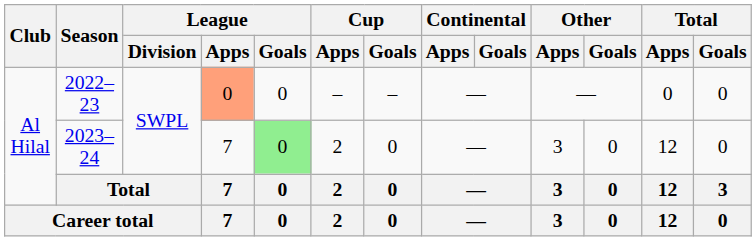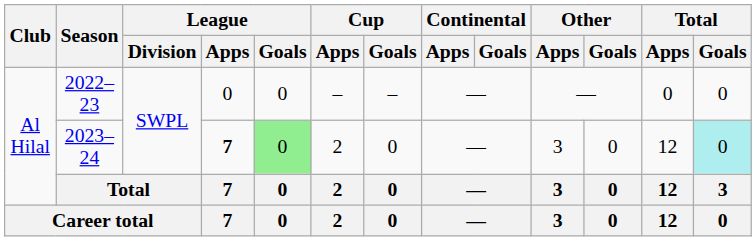 <table class="wikitable" style="text-align: center;">
 <tr>
 <th rowspan="2">Club</th>
 <th rowspan="2">Season</th>
 <th colspan="3">League</th>
 <th colspan="2">Cup</th>
 <th colspan="2">Continental</th>
 <th colspan="2">Other</th>
 <th colspan="2">Total</th>
 </tr>
 <tr>
 <th>Division</th>
 <th>Apps</th>
 <th>Goals</th>
 <th>Apps</th>
 <th>Goals</th>
 <th>Apps</th>
 <th>Goals</th>
 <th>Apps</th>
 <th>Goals</th>
 <th>Apps</th>
 <th>Goals</th>
 </tr>
 <tr>
 <td rowspan="3"><a href='#'>Al Hilal</a></td>
 <td><a href='#'>2022–23</a></td>
 <td rowspan="2"><a href='#'>SWPL</a></td>
-<td style="background: lightsalmon;">0</td>
+<td>0</td>
 <td>0</td>
 <td>–</td>
 <td>–</td>
 <td colspan="2">—</td>
 <td colspan="2">—</td>
 <td>0</td>
 <td>0</td>
 </tr>
 <tr>
 <td><a href='#'>2023–24</a></td>
-<td>7</td>
+<td><strong>7</strong></td>
 <td style="background: lightgreen;">0</td>
 <td>2</td>
 <td>0</td>
 <td colspan="2">—</td>
 <td>3</td>
 <td>0</td>
 <td>12</td>
-<td>0</td>
+<td style="background: paleturquoise;">0</td>
 </tr>
 <tr>
 <th colspan="2">Total</th>
 <th>7</th>
 <th>0</th>
 <th>2</th>
 <th>0</th>
 <th colspan="2">—</th>
 <th>3</th>
 <th>0</th>
 <th>12</th>
 <th>3</th>
 </tr>
 <tr>
 <th colspan="3">Career total</th>
 <th>7</th>
 <th>0</th>
 <th>2</th>
 <th>0</th>
 <th colspan="2">—</th>
 <th>3</th>
 <th>0</th>
 <th>12</th>
 <th>0</th>
 </tr>
 </table>
